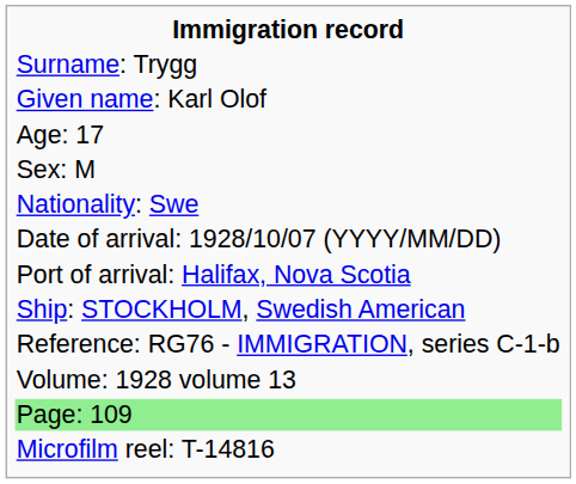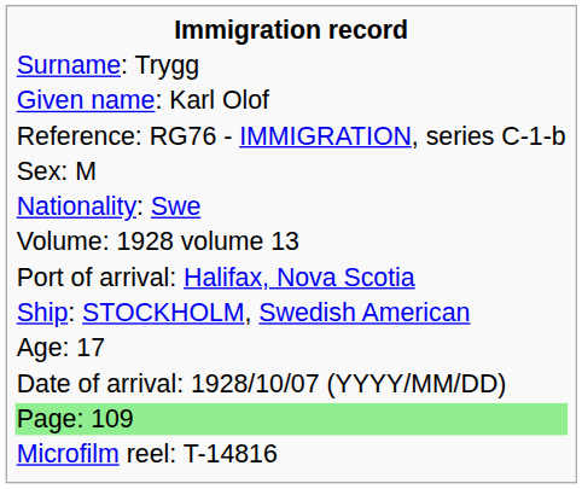 <table class="infobox">
 <tr>
 <th>Immigration record</th>
 </tr>
 <tr>
 <td><a href='#'>Surname</a>:      Trygg</td>
 </tr>
 <tr>
 <td><a href='#'>Given name</a>:     Karl Olof</td>
 </tr>
 <tr>
-<td>Age:     17</td>
+<td>Reference:     RG76 - <a href='#'>IMMIGRATION</a>, series C-1-b</td>
 </tr>
 <tr>
 <td>Sex:     M</td>
 </tr>
 <tr>
 <td><a href='#'>Nationality</a>:     <a href='#'>Swe</a></td>
 </tr>
 <tr>
-<td>Date of arrival:     1928/10/07 (YYYY/MM/DD)</td>
+<td>Volume:     1928 volume 13</td>
 </tr>
 <tr>
 <td>Port of arrival:     <a href='#'>Halifax, Nova Scotia</a></td>
 </tr>
 <tr>
 <td><a href='#'>Ship</a>:     <a href='#'>STOCKHOLM</a>, <a href='#'>Swedish American</a></td>
 </tr>
 <tr>
-<td>Reference:     RG76 - <a href='#'>IMMIGRATION</a>, series C-1-b</td>
+<td>Age:     17</td>
 </tr>
 <tr>
-<td>Volume:     1928 volume 13</td>
+<td>Date of arrival:     1928/10/07 (YYYY/MM/DD)</td>
 </tr>
 <tr>
 <td style="background: lightgreen;">Page:     109</td>
 </tr>
 <tr>
 <td><a href='#'>Microfilm</a> reel:     T-14816</td>
 </tr>
 <tr>
 </tr>
 </table>
